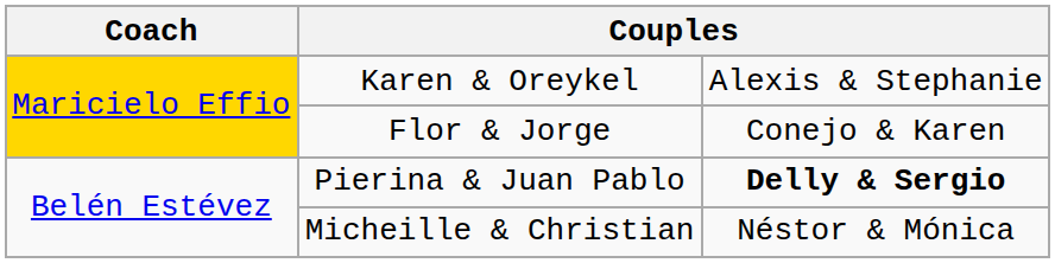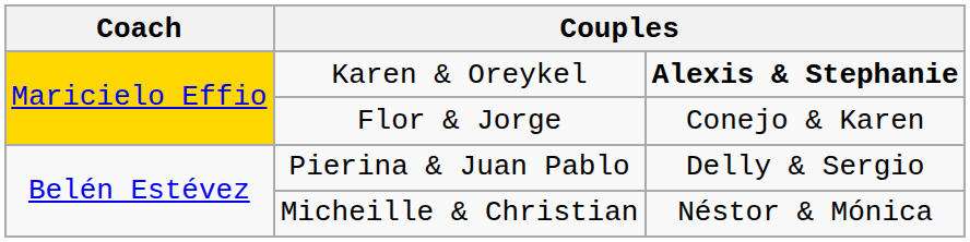 <table class="wikitable" style="text-align: center; margin:auto; align: center">
 <tr>
 <th>Coach</th>
 <th colspan=3>Couples</th>
 </tr>
 <tr>
 <td style="background:gold;" rowspan=2><a href='#'>Maricielo Effio</a></td>
 <td>Karen & Oreykel</td>
-<td>Alexis & Stephanie</td>
+<td><strong>Alexis & Stephanie</strong></td>
 </tr>
 <tr>
 <td>Flor & Jorge</td>
 <td>Conejo & Karen</td>
 </tr>
 <tr>
 <td rowspan=2><a href='#'>Belén Estévez</a></td>
 <td>Pierina & Juan Pablo</td>
-<td><strong>Delly & Sergio</strong></td>
+<td>Delly & Sergio</td>
 </tr>
 <tr>
 <td>Micheille & Christian</td>
 <td>Néstor & Mónica</td>
 </tr>
 </table>
